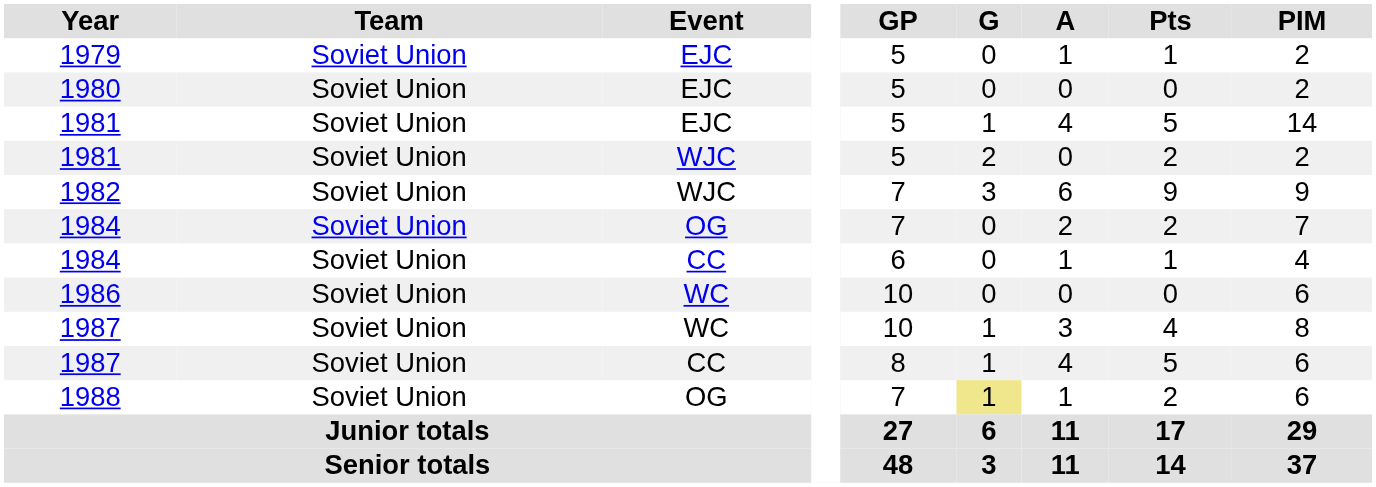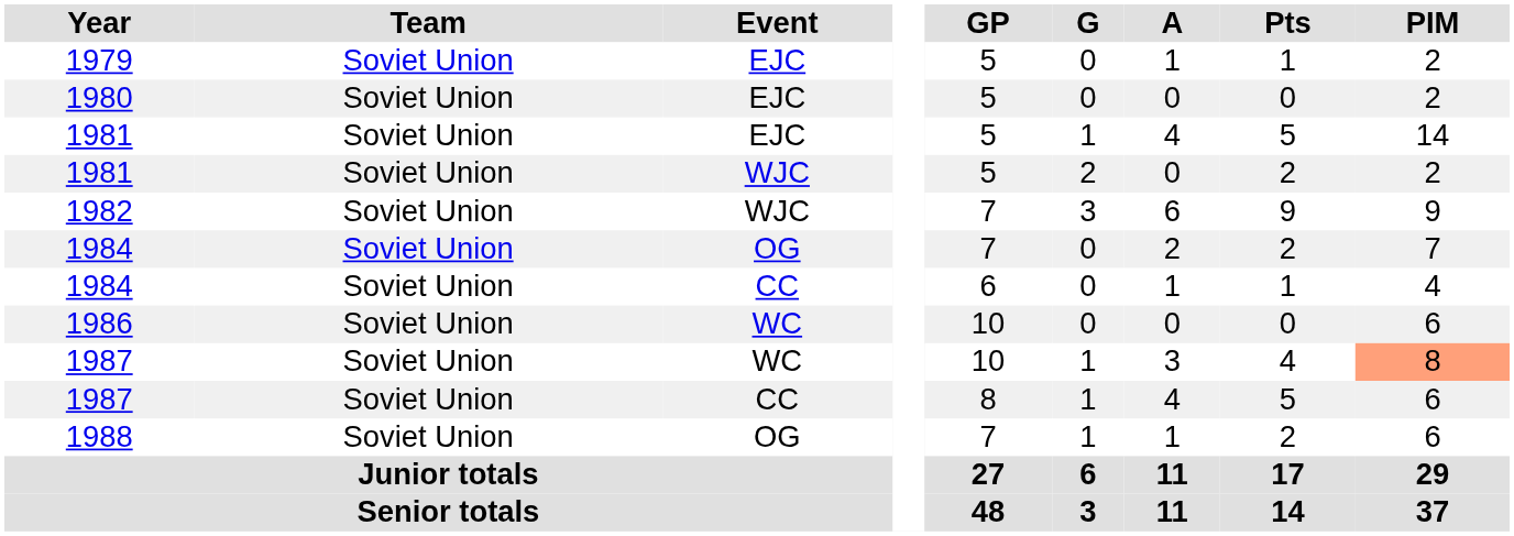 <table border="0" cellpadding="1" cellspacing="0" style="text-align:center; width:50em">
 <tr ALIGN="center" bgcolor="#e0e0e0">
 <th>Year</th>
 <th>Team</th>
 <th>Event</th>
 <th ALIGN="center" rowspan="99" bgcolor="#ffffff"> </th>
 <th>GP</th>
 <th>G</th>
 <th>A</th>
 <th>Pts</th>
 <th>PIM</th>
 </tr>
 <tr>
 <td><a href='#'>1979</a></td>
 <td><a href='#'>Soviet Union</a></td>
 <td><a href='#'>EJC</a></td>
 <td>5</td>
 <td>0</td>
 <td>1</td>
 <td>1</td>
 <td>2</td>
 </tr>
 <tr bgcolor="#f0f0f0">
 <td><a href='#'>1980</a></td>
 <td>Soviet Union</td>
 <td>EJC</td>
 <td>5</td>
 <td>0</td>
 <td>0</td>
 <td>0</td>
 <td>2</td>
 </tr>
 <tr>
 <td><a href='#'>1981</a></td>
 <td>Soviet Union</td>
 <td>EJC</td>
 <td>5</td>
 <td>1</td>
 <td>4</td>
 <td>5</td>
 <td>14</td>
 </tr>
 <tr bgcolor="#f0f0f0">
 <td><a href='#'>1981</a></td>
 <td>Soviet Union</td>
 <td><a href='#'>WJC</a></td>
 <td>5</td>
 <td>2</td>
 <td>0</td>
 <td>2</td>
 <td>2</td>
 </tr>
 <tr>
 <td><a href='#'>1982</a></td>
 <td>Soviet Union</td>
 <td>WJC</td>
 <td>7</td>
 <td>3</td>
 <td>6</td>
 <td>9</td>
 <td>9</td>
 </tr>
 <tr bgcolor="#f0f0f0">
 <td><a href='#'>1984</a></td>
 <td><a href='#'>Soviet Union</a></td>
 <td><a href='#'>OG</a></td>
 <td>7</td>
 <td>0</td>
 <td>2</td>
 <td>2</td>
 <td>7</td>
 </tr>
 <tr>
 <td><a href='#'>1984</a></td>
 <td>Soviet Union</td>
 <td><a href='#'>CC</a></td>
 <td>6</td>
 <td>0</td>
 <td>1</td>
 <td>1</td>
 <td>4</td>
 </tr>
 <tr bgcolor="#f0f0f0">
 <td><a href='#'>1986</a></td>
 <td>Soviet Union</td>
 <td><a href='#'>WC</a></td>
 <td>10</td>
 <td>0</td>
 <td>0</td>
 <td>0</td>
 <td>6</td>
 </tr>
 <tr>
 <td><a href='#'>1987</a></td>
 <td>Soviet Union</td>
 <td>WC</td>
 <td>10</td>
 <td>1</td>
 <td>3</td>
 <td>4</td>
-<td>8</td>
+<td style="background: lightsalmon;">8</td>
 </tr>
 <tr bgcolor="#f0f0f0">
 <td><a href='#'>1987</a></td>
 <td>Soviet Union</td>
 <td>CC</td>
 <td>8</td>
 <td>1</td>
 <td>4</td>
 <td>5</td>
 <td>6</td>
 </tr>
 <tr>
 <td><a href='#'>1988</a></td>
 <td>Soviet Union</td>
 <td>OG</td>
 <td>7</td>
-<td style="background: khaki;">1</td>
+<td>1</td>
 <td>1</td>
 <td>2</td>
 <td>6</td>
 </tr>
 <tr bgcolor="#e0e0e0">
 <th colspan=3>Junior totals</th>
 <th>27</th>
 <th>6</th>
 <th>11</th>
 <th>17</th>
 <th>29</th>
 </tr>
 <tr bgcolor="#e0e0e0">
 <th colspan=3>Senior totals</th>
 <th>48</th>
 <th>3</th>
 <th>11</th>
 <th>14</th>
 <th>37</th>
 </tr>
 </table>
